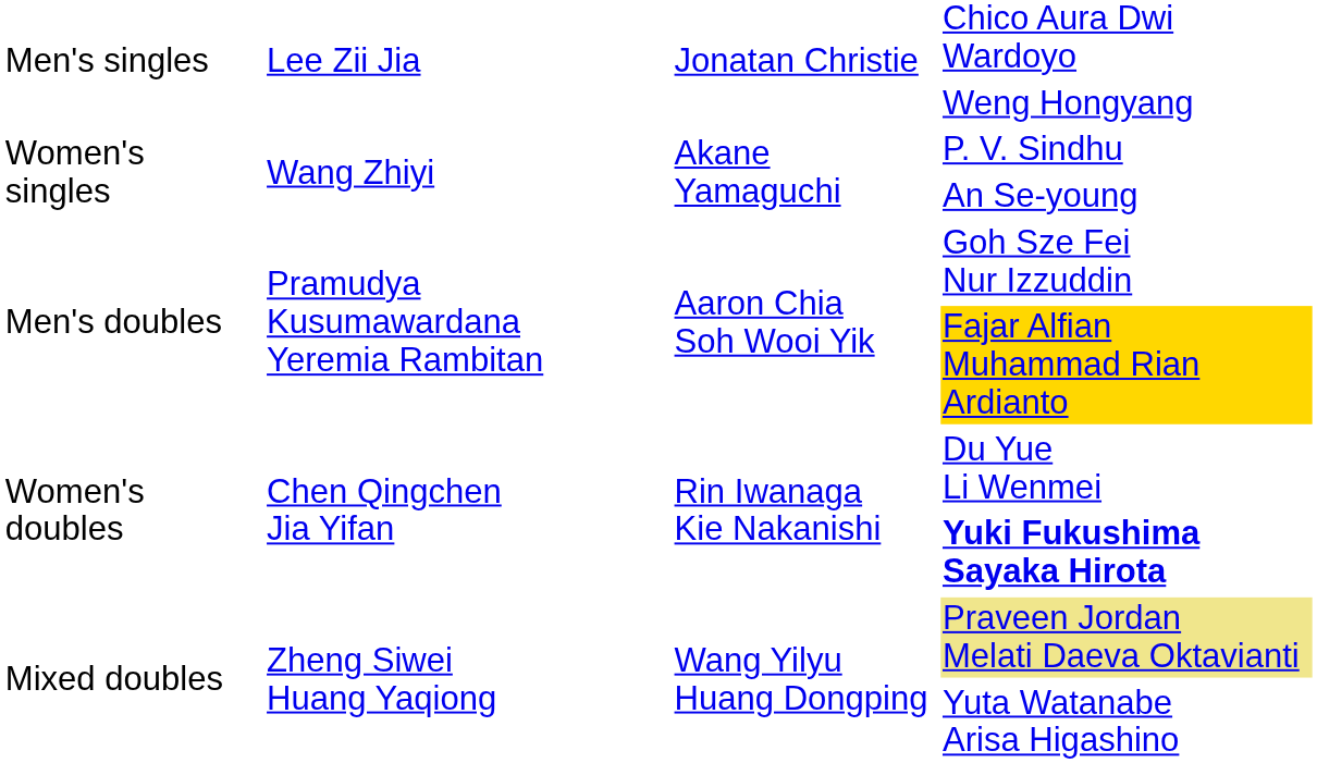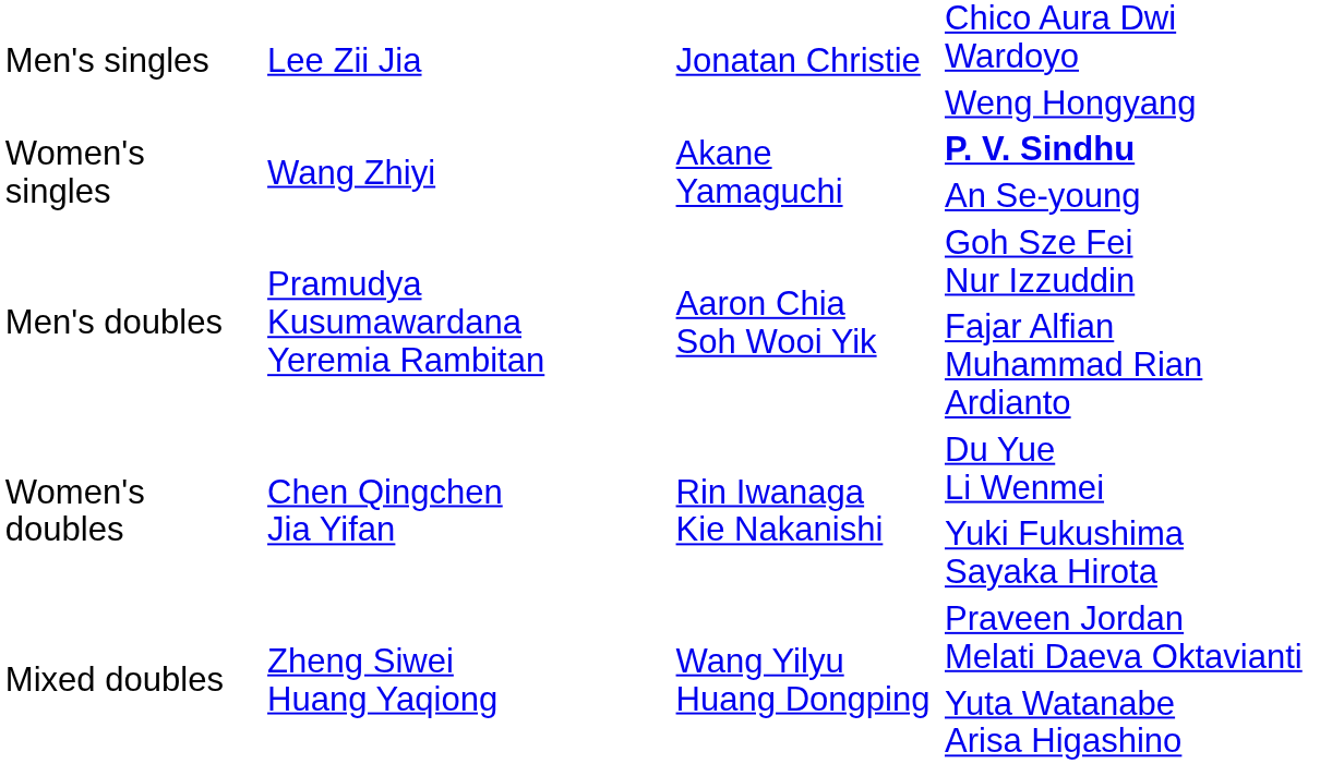 <table>
 <tr>
 <td rowspan="2">Men's singles</td>
 <td rowspan="2"> <a href='#'>Lee Zii Jia</a></td>
 <td rowspan="2"> <a href='#'>Jonatan Christie</a></td>
 <td> <a href='#'>Chico Aura Dwi Wardoyo</a></td>
 </tr>
 <tr>
 <td> <a href='#'>Weng Hongyang</a></td>
 </tr>
 <tr>
 <td rowspan="2">Women's singles</td>
 <td rowspan="2"> <a href='#'>Wang Zhiyi</a></td>
 <td rowspan="2"> <a href='#'>Akane Yamaguchi</a></td>
-<td> <a href='#'>P. V. Sindhu</a></td>
+<td><strong> <a href='#'>P. V. Sindhu</a></strong></td>
 </tr>
 <tr>
 <td> <a href='#'>An Se-young</a></td>
 </tr>
 <tr>
 <td rowspan="2">Men's doubles</td>
 <td rowspan="2"> <a href='#'>Pramudya Kusumawardana</a><br> <a href='#'>Yeremia Rambitan</a></td>
 <td rowspan="2"> <a href='#'>Aaron Chia</a><br> <a href='#'>Soh Wooi Yik</a></td>
 <td> <a href='#'>Goh Sze Fei</a><br> <a href='#'>Nur Izzuddin</a></td>
 </tr>
 <tr>
-<td style="background: gold;"> <a href='#'>Fajar Alfian</a><br> <a href='#'>Muhammad Rian Ardianto</a></td>
+<td> <a href='#'>Fajar Alfian</a><br> <a href='#'>Muhammad Rian Ardianto</a></td>
 </tr>
 <tr>
 <td rowspan="2">Women's doubles</td>
 <td rowspan="2"> <a href='#'>Chen Qingchen</a><br> <a href='#'>Jia Yifan</a></td>
 <td rowspan="2"> <a href='#'>Rin Iwanaga</a><br> <a href='#'>Kie Nakanishi</a></td>
 <td> <a href='#'>Du Yue</a><br> <a href='#'>Li Wenmei</a></td>
 </tr>
 <tr>
-<td><strong> <a href='#'>Yuki Fukushima</a><br> <a href='#'>Sayaka Hirota</a></strong></td>
+<td> <a href='#'>Yuki Fukushima</a><br> <a href='#'>Sayaka Hirota</a></td>
 </tr>
 <tr>
 <td rowspan="2">Mixed doubles</td>
 <td rowspan="2"> <a href='#'>Zheng Siwei</a><br> <a href='#'>Huang Yaqiong</a></td>
 <td rowspan="2"> <a href='#'>Wang Yilyu</a><br> <a href='#'>Huang Dongping</a></td>
-<td style="background: khaki;"> <a href='#'>Praveen Jordan</a><br> <a href='#'>Melati Daeva Oktavianti</a></td>
+<td> <a href='#'>Praveen Jordan</a><br> <a href='#'>Melati Daeva Oktavianti</a></td>
 </tr>
 <tr>
 <td> <a href='#'>Yuta Watanabe</a><br> <a href='#'>Arisa Higashino</a></td>
 </tr>
 </table>
